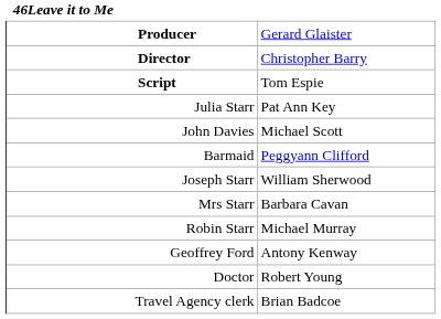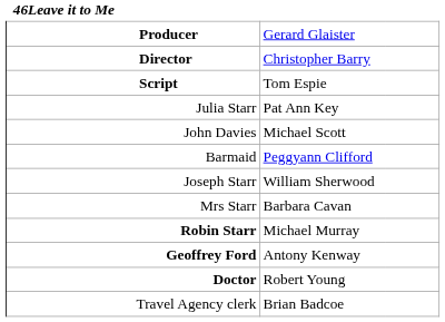 <table class="wikitable mw-collapsible mw-collapsed" style="vertical-align:top;margin:auto 2em;line-height:1.2;min-width:33em;display: inline-table;background-color:inherit;border:none;">
 <tr>
 <td class=unsortable style="border:hidden;line-height:1.67;text-align:center;margin-left:-1em;padding-left:0.5em;min-width:1.0em;"></td>
 <td class=unsortable style="border:none;padding-left:0.5em;text-align:left;min-width:16.5em;font-weight:700;font-style:italic;">46Leave it to Me</td>
 <td class=unsortable style="border:none;text-align:right;font-weight:normal;font-family:Courier;font-size:95%;letter-spacing:-1pt;min-width:8.5em;padding-right:0.2em;"></td>
 <td class=unsortable style="border:hidden;min-width:3.5em;padding-left:0;"></td>
 <td class=unsortable style="border:hidden;min-width:3.5em;font-size:95%;"></td>
 </tr>
 <tr>
 <td rowspan=100 style="border:none thin;border-right-style :solid;"></td>
 </tr>
 <tr>
 <td style="text-align:left;padding-left:9.0em;font-weight:bold;">Producer</td>
 <td colspan=2><a href='#'>Gerard Glaister</a></td>
 </tr>
 <tr>
 <td style="text-align:left;padding-left:9.0em;font-weight:bold;">Director</td>
 <td colspan=2><a href='#'>Christopher Barry</a></td>
 </tr>
 <tr>
 <td style="text-align:left;padding-left:9.0em;font-weight:bold;">Script</td>
 <td colspan=2>Tom Espie</td>
 </tr>
 <tr>
 <td style="text-align:right;">Julia Starr</td>
 <td colspan=2>Pat Ann Key</td>
 </tr>
 <tr>
 <td style="text-align:right;">John Davies</td>
 <td colspan=2>Michael Scott</td>
 </tr>
 <tr>
 <td style="text-align:right;">Barmaid</td>
 <td colspan=2><a href='#'>Peggyann Clifford</a></td>
 </tr>
 <tr>
 <td style="text-align:right;">Joseph Starr</td>
 <td colspan=2>William Sherwood</td>
 </tr>
 <tr>
 <td style="text-align:right;">Mrs Starr</td>
 <td colspan=2>Barbara Cavan</td>
 </tr>
 <tr>
-<td style="text-align:right;">Robin Starr</td>
+<td style="text-align:right;"><strong>Robin Starr</strong></td>
 <td colspan=2>Michael Murray</td>
 </tr>
 <tr>
-<td style="text-align:right;">Geoffrey Ford</td>
+<td style="text-align:right;"><strong>Geoffrey Ford</strong></td>
 <td colspan=2>Antony Kenway</td>
 </tr>
 <tr>
-<td style="text-align:right;">Doctor</td>
+<td style="text-align:right;"><strong>Doctor</strong></td>
 <td colspan=2>Robert Young</td>
 </tr>
 <tr>
 <td style="text-align:right;">Travel Agency clerk</td>
 <td colspan=2>Brian Badcoe</td>
 </tr>
 </table>
